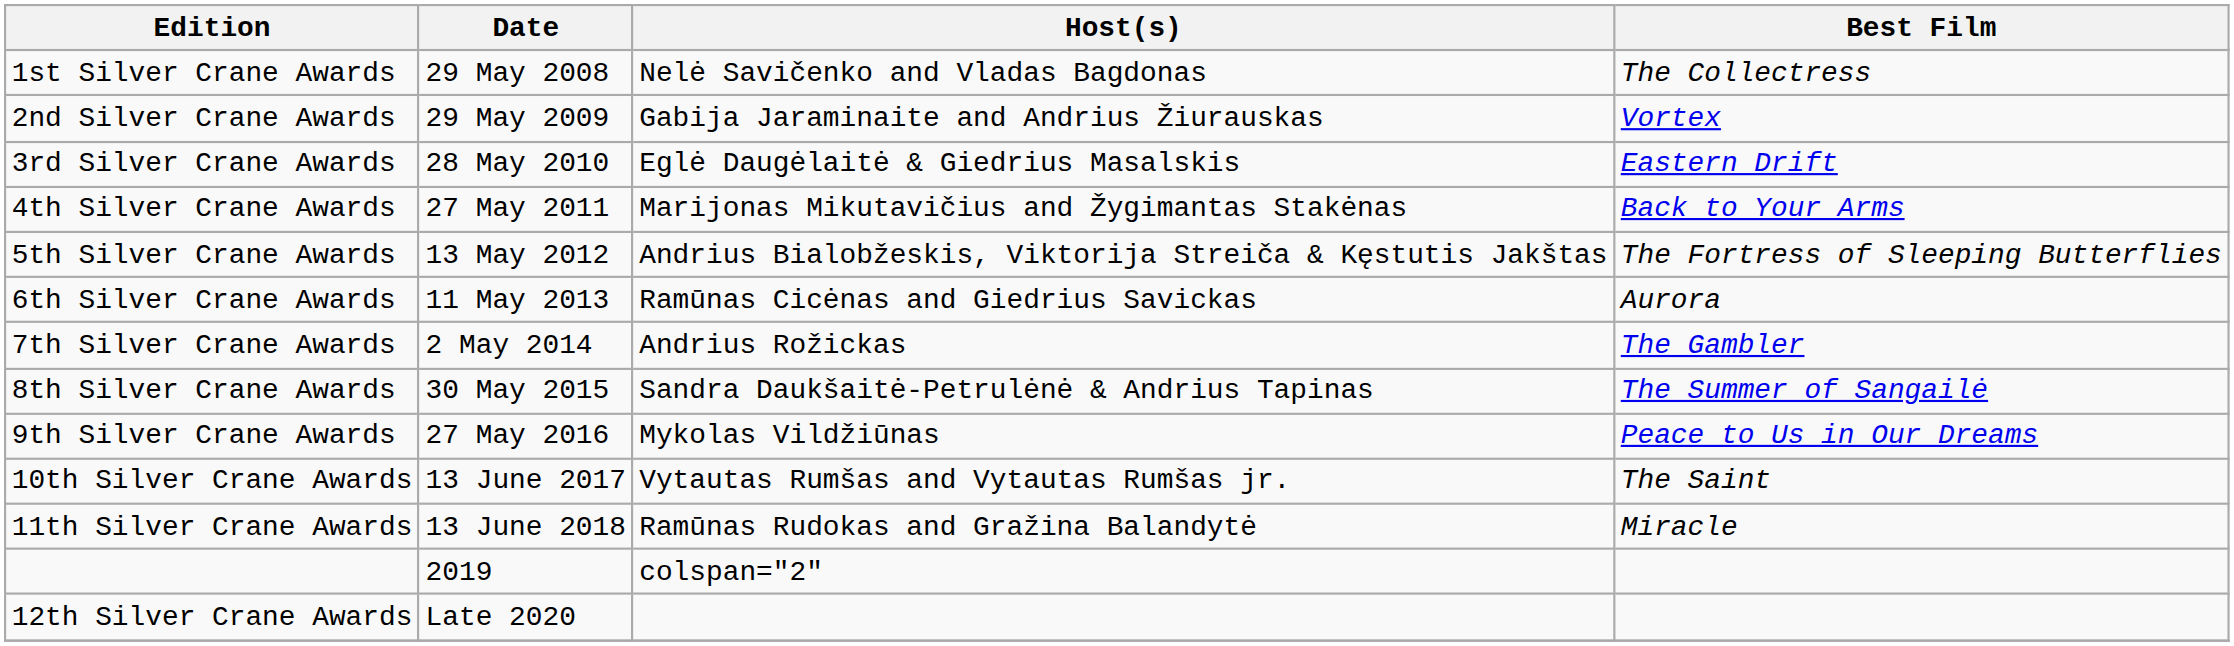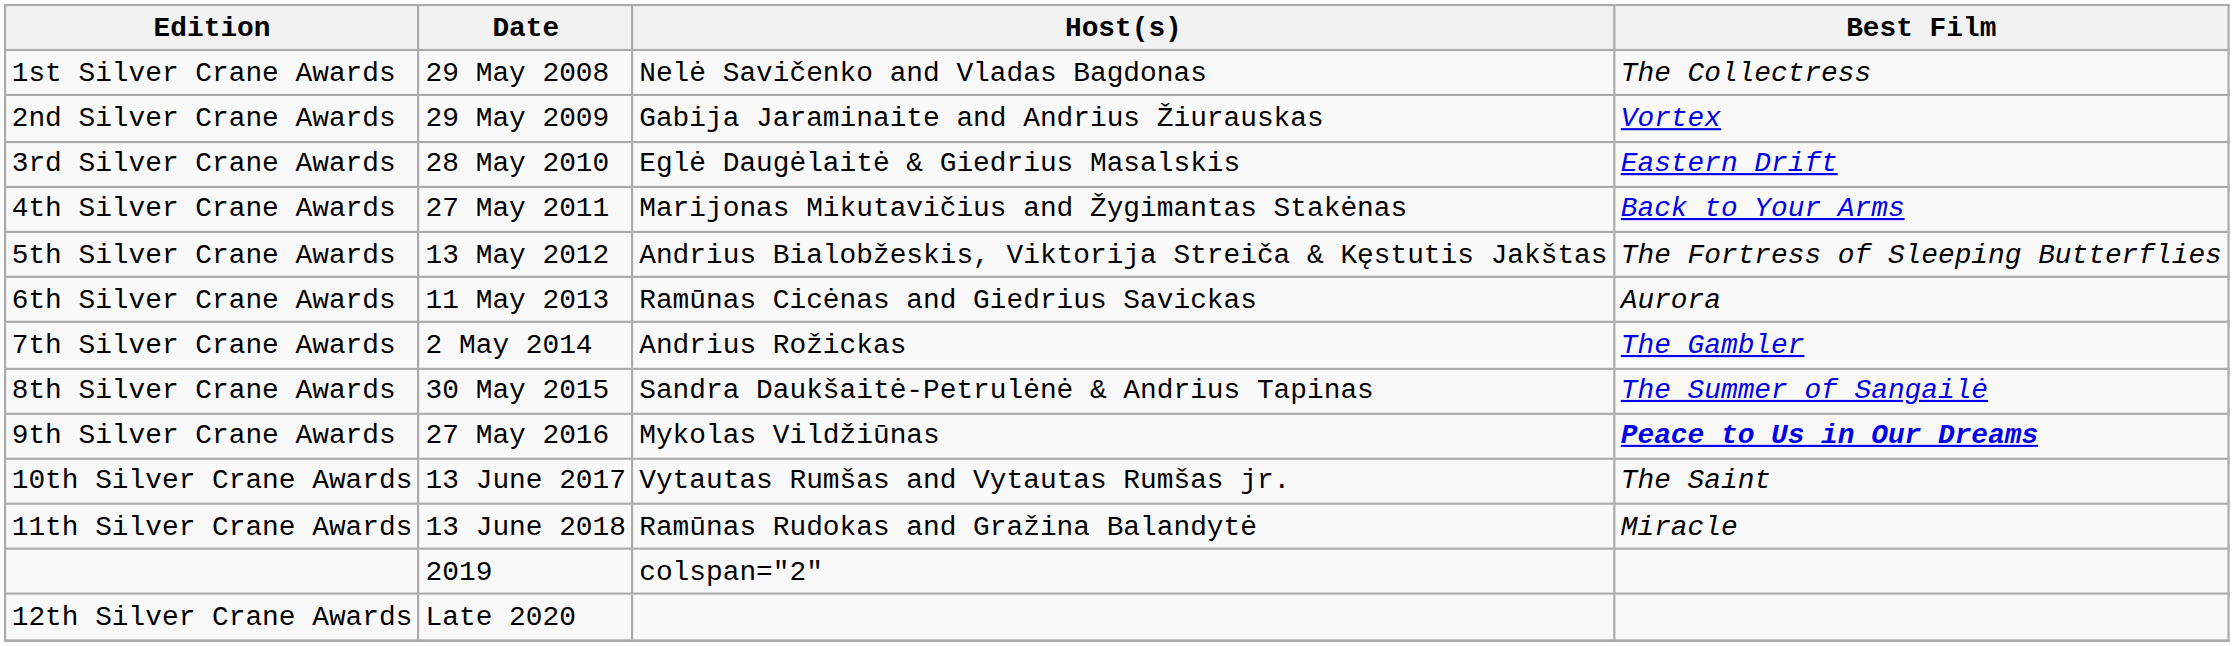 <table class="sortable wikitable center">
 <tr>
 <th>Edition</th>
 <th>Date</th>
 <th>Host(s)</th>
 <th>Best Film</th>
 </tr>
 <tr>
 <td>1st Silver Crane Awards</td>
 <td>29 May 2008</td>
 <td>Nelė Savičenko and Vladas Bagdonas</td>
 <td><em>The Collectress</em></td>
 </tr>
 <tr>
 <td>2nd Silver Crane Awards</td>
 <td>29 May 2009</td>
 <td>Gabija Jaraminaite and Andrius Žiurauskas</td>
 <td><em><a href='#'>Vortex</a></em></td>
 </tr>
 <tr>
 <td>3rd Silver Crane Awards</td>
 <td>28 May 2010</td>
 <td>Eglė Daugėlaitė & Giedrius Masalskis</td>
 <td><em><a href='#'>Eastern Drift</a></em></td>
 </tr>
 <tr>
 <td>4th Silver Crane Awards</td>
 <td>27 May 2011</td>
 <td>Marijonas Mikutavičius and Žygimantas Stakėnas</td>
 <td><em><a href='#'>Back to Your Arms</a></em></td>
 </tr>
 <tr>
 <td>5th Silver Crane Awards</td>
 <td>13 May 2012</td>
 <td>Andrius Bialobžeskis, Viktorija Streiča & Kęstutis Jakštas</td>
 <td><em>The Fortress of Sleeping Butterflies</em></td>
 </tr>
 <tr>
 <td>6th Silver Crane Awards</td>
 <td>11 May 2013</td>
 <td>Ramūnas Cicėnas and Giedrius Savickas</td>
 <td><em>Aurora</em></td>
 </tr>
 <tr>
 <td>7th Silver Crane Awards</td>
 <td>2 May 2014</td>
 <td>Andrius Rožickas</td>
 <td><em><a href='#'>The Gambler</a></em></td>
 </tr>
 <tr>
 <td>8th Silver Crane Awards</td>
 <td>30 May 2015</td>
 <td>Sandra Daukšaitė-Petrulėnė & Andrius Tapinas</td>
 <td><em><a href='#'>The Summer of Sangailė</a></em></td>
 </tr>
 <tr>
 <td>9th Silver Crane Awards</td>
 <td>27 May 2016</td>
 <td>Mykolas Vildžiūnas</td>
-<td><em><a href='#'>Peace to Us in Our Dreams</a></em></td>
+<td><strong><em><a href='#'>Peace to Us in Our Dreams</a></em></strong></td>
 </tr>
 <tr>
 <td>10th Silver Crane Awards</td>
 <td>13 June 2017</td>
 <td>Vytautas Rumšas and Vytautas Rumšas jr.</td>
 <td><em>The Saint</em></td>
 </tr>
 <tr>
 <td>11th Silver Crane Awards</td>
 <td>13 June 2018</td>
 <td>Ramūnas Rudokas and Gražina Balandytė</td>
 <td><em>Miracle</em></td>
 </tr>
 <tr>
 <td></td>
 <td>2019</td>
 <td>colspan="2" </td>
 </tr>
 <tr>
 <td>12th Silver Crane Awards</td>
 <td>Late 2020</td>
 <td></td>
 <td></td>
 </tr>
 <tr>
 </tr>
 </table>
